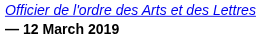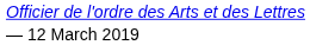 <table>
 <tr>
 <td rowspan="2" style="width:60px; vertical-align:top;"></td>
 <td><em><a href='#'>Officier de l'ordre des Arts et des Lettres</a></em></td>
 </tr>
 <tr>
-<td><strong>— 12 March 2019</strong></td>
+<td>— 12 March 2019</td>
 </tr>
 </table>
